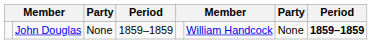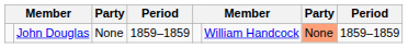 <table class="wikitable">
 <tr>
 <th colspan="2">Member</th>
 <th>Party</th>
 <th>Period</th>
 <th colspan="2">Member</th>
 <th>Party</th>
 <th>Period</th>
 </tr>
 <tr>
 <td> </td>
 <td><a href='#'>John Douglas</a></td>
 <td>None</td>
 <td>1859–1859</td>
 <td> </td>
 <td><a href='#'>William Handcock</a></td>
-<td>None</td>
-<td><strong>1859–1859</strong></td>
+<td style="background: lightsalmon;">None</td>
+<td>1859–1859</td>
 </tr>
 </table>
